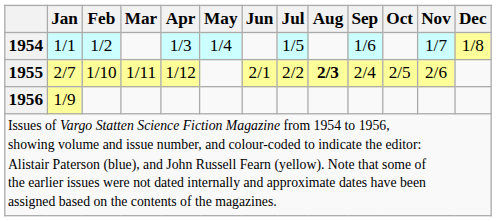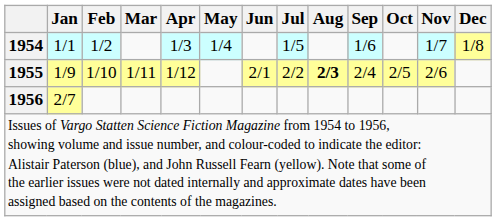 <table class="wikitable" style="font-size: 10pt; line-height: 11pt; margin-left: 2em; text-align: center; float: right">
 <tr>
 <th></th>
 <th>Jan</th>
 <th>Feb</th>
 <th>Mar</th>
 <th>Apr</th>
 <th>May</th>
 <th>Jun</th>
 <th>Jul</th>
 <th>Aug</th>
 <th>Sep</th>
 <th>Oct</th>
 <th>Nov</th>
 <th>Dec</th>
 </tr>
 <tr>
 <th>1954</th>
 <td bgcolor=#ccffff>1/1</td>
 <td bgcolor=#ccffff>1/2</td>
 <td></td>
 <td bgcolor=#ccffff>1/3</td>
 <td bgcolor=#ccffff>1/4</td>
 <td></td>
 <td bgcolor=#ccffff>1/5</td>
 <td></td>
 <td bgcolor=#ccffff>1/6</td>
 <td></td>
 <td bgcolor=#ccffff>1/7</td>
 <td bgcolor=#ffff99>1/8</td>
 </tr>
 <tr>
 <th>1955</th>
-<td bgcolor=#ffff99>2/7</td>
+<td bgcolor=#ffff99>1/9</td>
 <td bgcolor=#ffff99>1/10</td>
 <td bgcolor=#ffff99>1/11</td>
 <td bgcolor=#ffff99>1/12</td>
 <td></td>
 <td bgcolor=#ffff99>2/1</td>
 <td bgcolor=#ffff99>2/2</td>
 <td bgcolor=#ffff99><strong>2/3</strong></td>
 <td bgcolor=#ffff99>2/4</td>
 <td bgcolor=#ffff99>2/5</td>
 <td bgcolor=#ffff99>2/6</td>
 <td></td>
 </tr>
 <tr>
 <th>1956</th>
-<td bgcolor=#ffff99>1/9</td>
+<td bgcolor=#ffff99>2/7</td>
 <td></td>
 <td></td>
 <td></td>
 <td></td>
 <td></td>
 <td></td>
 <td></td>
 <td></td>
 <td></td>
 <td></td>
 <td></td>
 </tr>
 <tr>
 <td colspan="13" style="font-size: 8pt; text-align:left">Issues of <em>Vargo Statten Science Fiction Magazine</em> from 1954 to 1956,<br>showing volume and issue number, and colour-coded to indicate the editor:<br>Alistair Paterson (blue), and John Russell Fearn (yellow).  Note that some of<br>the earlier issues were not dated internally and approximate dates have been<br>assigned based on the contents of the magazines.</td>
 </tr>
 </table>
